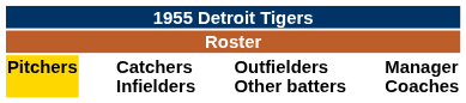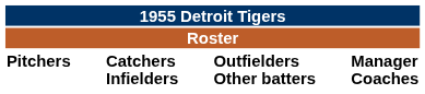 <table class="toccolours" style="font-size: 95%;">
 <tr>
 <th colspan="10" style="background-color: #003366; color: white; text-align: center;">1955 Detroit Tigers</th>
 </tr>
 <tr>
 <td colspan="10" style="background-color: #bd5d29; color: white; text-align: center;"><strong>Roster</strong></td>
 </tr>
 <tr>
-<td valign="top" style="background: gold;"><strong>Pitchers</strong><br>                 </td>
+<td valign="top"><strong>Pitchers</strong><br>                 </td>
 <td width="25px"></td>
 <td valign="top"><strong>Catchers</strong><br>   <strong>Infielders</strong>          </td>
 <td width="25px"></td>
 <td valign="top"><strong>Outfielders</strong><br>       <strong>Other batters</strong>  </td>
 <td width="25px"></td>
 <td valign="top"><strong>Manager</strong><br> <strong>Coaches</strong>   </td>
 </tr>
 </table>
